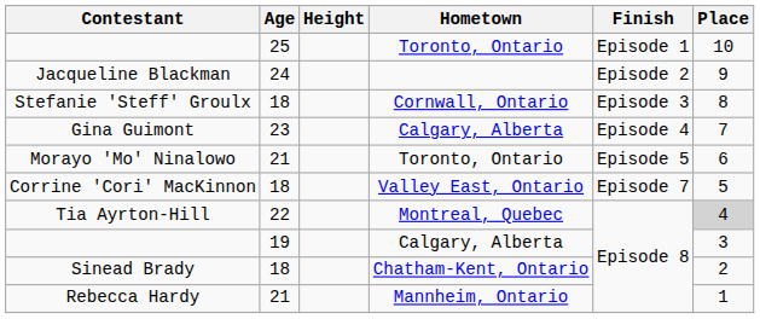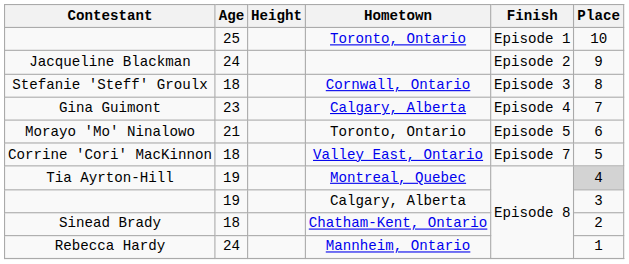 <table class="wikitable sortable" style="text-align:center;">
 <tr>
 <th>Contestant</th>
 <th>Age</th>
 <th>Height</th>
 <th>Hometown</th>
 <th>Finish</th>
 <th>Place</th>
 </tr>
 <tr>
 <td></td>
 <td>25</td>
 <td></td>
 <td><a href='#'>Toronto, Ontario</a></td>
 <td>Episode 1</td>
 <td>10</td>
 </tr>
 <tr>
 <td>Jacqueline Blackman</td>
 <td>24</td>
 <td></td>
 <td></td>
 <td>Episode 2</td>
 <td>9</td>
 </tr>
 <tr>
 <td>Stefanie 'Steff' Groulx</td>
 <td>18</td>
 <td></td>
 <td><a href='#'>Cornwall, Ontario</a></td>
 <td>Episode 3</td>
 <td>8</td>
 </tr>
 <tr>
 <td>Gina Guimont</td>
 <td>23</td>
 <td></td>
 <td><a href='#'>Calgary, Alberta</a></td>
 <td>Episode 4</td>
 <td>7</td>
 </tr>
 <tr>
 <td>Morayo 'Mo' Ninalowo</td>
 <td>21</td>
 <td></td>
 <td>Toronto, Ontario</td>
 <td>Episode 5</td>
 <td>6</td>
 </tr>
 <tr>
 <td>Corrine 'Cori' MacKinnon</td>
 <td>18</td>
 <td></td>
 <td><a href='#'>Valley East, Ontario</a></td>
 <td>Episode 7</td>
 <td>5</td>
 </tr>
 <tr>
 <td>Tia Ayrton-Hill</td>
-<td>22</td>
+<td>19</td>
 <td></td>
 <td><a href='#'>Montreal, Quebec</a></td>
 <td rowspan="4">Episode 8</td>
 <td style="background: lightgrey;">4</td>
 </tr>
 <tr>
 <td></td>
 <td>19</td>
 <td></td>
 <td>Calgary, Alberta</td>
 <td>3</td>
 </tr>
 <tr>
 <td>Sinead Brady</td>
 <td>18</td>
 <td></td>
 <td><a href='#'>Chatham-Kent, Ontario</a></td>
 <td>2</td>
 </tr>
 <tr>
 <td>Rebecca Hardy</td>
-<td>21</td>
+<td>24</td>
 <td></td>
 <td><a href='#'>Mannheim, Ontario</a></td>
 <td>1</td>
 </tr>
 <tr>
 </tr>
 </table>
